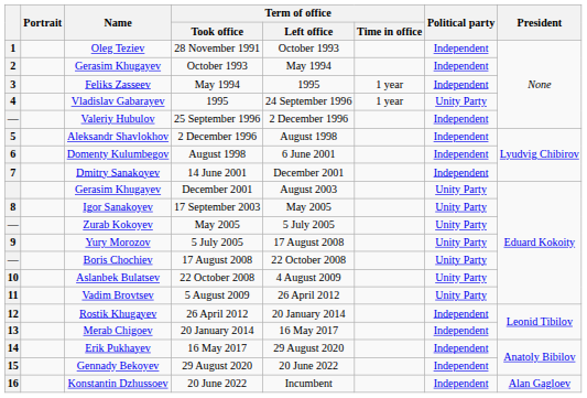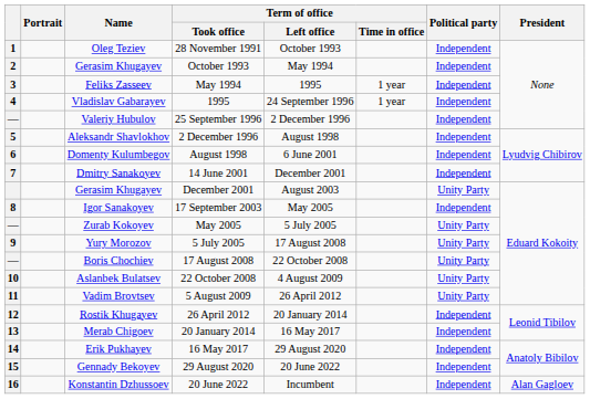 <table class="wikitable" style="text-align:center">
 <tr>
 <th rowspan=2></th>
 <th rowspan=2>Portrait</th>
 <th rowspan=2>Name<br></th>
 <th colspan=3>Term of office</th>
 <th rowspan=2>Political party</th>
 <th rowspan=2>President</th>
 </tr>
 <tr>
 <th>Took office</th>
 <th>Left office</th>
 <th>Time in office</th>
 </tr>
 <tr>
 <th style="background:">1</th>
 <td></td>
 <td><a href='#'>Oleg Teziev</a><br></td>
 <td>28 November 1991</td>
 <td>October 1993</td>
 <td></td>
 <td><a href='#'>Independent</a></td>
 <td rowspan=5><em>None</em></td>
 </tr>
 <tr>
 <th style="background:">2</th>
 <td></td>
 <td><a href='#'>Gerasim Khugayev</a><br></td>
 <td>October 1993</td>
 <td>May 1994</td>
 <td></td>
 <td><a href='#'>Independent</a></td>
 </tr>
 <tr>
 <th style="background:">3</th>
 <td></td>
 <td><a href='#'>Feliks Zasseev</a><br></td>
 <td>May 1994</td>
 <td>1995</td>
 <td> 1 year</td>
 <td><a href='#'>Independent</a></td>
 </tr>
 <tr>
 <th style="background:">4</th>
 <td></td>
 <td><a href='#'>Vladislav Gabarayev</a><br></td>
 <td>1995</td>
 <td>24 September 1996</td>
 <td> 1 year</td>
-<td><a href='#'>Unity Party</a></td>
+<td><a href='#'>Independent</a></td>
 </tr>
 <tr>
 <th style="background:">—</th>
 <td></td>
 <td><a href='#'>Valeriy Hubulov</a><br></td>
 <td>25 September 1996</td>
 <td>2 December 1996</td>
 <td></td>
 <td><a href='#'>Independent</a></td>
 </tr>
 <tr>
 <th style="background:">5</th>
 <td></td>
 <td><a href='#'>Aleksandr Shavlokhov</a><br></td>
 <td>2 December 1996</td>
 <td>August 1998</td>
 <td></td>
 <td><a href='#'>Independent</a></td>
 <td rowspan=3><a href='#'>Lyudvig Chibirov</a><br></td>
 </tr>
 <tr>
 <th style="background:">6</th>
 <td></td>
 <td><a href='#'>Domenty Kulumbegov</a><br></td>
 <td>August 1998</td>
 <td>6 June 2001</td>
 <td></td>
 <td><a href='#'>Independent</a></td>
 </tr>
 <tr>
 <th style="background:">7</th>
 <td></td>
 <td><a href='#'>Dmitry Sanakoyev</a><br></td>
 <td>14 June 2001</td>
 <td>December 2001</td>
 <td></td>
 <td><a href='#'>Independent</a></td>
 </tr>
 <tr>
 <th style="background:"></th>
 <td></td>
 <td><a href='#'>Gerasim Khugayev</a><br></td>
 <td>December 2001</td>
 <td>August 2003</td>
 <td></td>
 <td><a href='#'>Unity Party</a></td>
 <td rowspan=7><a href='#'>Eduard Kokoity</a><br></td>
 </tr>
 <tr>
 <th style="background:">8</th>
 <td></td>
 <td><a href='#'>Igor Sanakoyev</a><br></td>
 <td>17 September 2003</td>
 <td>May 2005</td>
 <td></td>
-<td><a href='#'>Unity Party</a></td>
+<td><a href='#'>Independent</a></td>
 </tr>
 <tr>
 <th style="background:">—</th>
 <td></td>
 <td><a href='#'>Zurab Kokoyev</a><br></td>
 <td>May 2005</td>
 <td>5 July 2005</td>
 <td></td>
 <td><a href='#'>Unity Party</a></td>
 </tr>
 <tr>
 <th style="background:">9</th>
 <td></td>
 <td><a href='#'>Yury Morozov</a><br></td>
 <td>5 July 2005</td>
 <td>17 August 2008</td>
 <td></td>
 <td><a href='#'>Unity Party</a></td>
 </tr>
 <tr>
 <th style="background:">—</th>
 <td></td>
 <td><a href='#'>Boris Chochiev</a><br></td>
 <td>17 August 2008</td>
 <td>22 October 2008</td>
 <td></td>
 <td><a href='#'>Unity Party</a></td>
 </tr>
 <tr>
 <th style="background:">10</th>
 <td></td>
 <td><a href='#'>Aslanbek Bulatsev</a><br></td>
 <td>22 October 2008</td>
 <td>4 August 2009</td>
 <td></td>
 <td><a href='#'>Unity Party</a></td>
 </tr>
 <tr>
 <th style="background:">11</th>
 <td></td>
 <td><a href='#'>Vadim Brovtsev</a><br></td>
 <td>5 August 2009</td>
 <td>26 April 2012</td>
 <td></td>
 <td><a href='#'>Unity Party</a></td>
 </tr>
 <tr>
 <th style="background:">12</th>
 <td></td>
 <td><a href='#'>Rostik Khugayev</a><br></td>
 <td>26 April 2012<br></td>
 <td>20 January 2014</td>
 <td></td>
 <td><a href='#'>Independent</a></td>
 <td rowspan=2><a href='#'>Leonid Tibilov</a><br></td>
 </tr>
 <tr>
 <th style="background:">13</th>
 <td></td>
 <td><a href='#'>Merab Chigoev</a><br></td>
 <td>20 January 2014</td>
 <td>16 May 2017</td>
 <td></td>
 <td><a href='#'>Independent</a></td>
 </tr>
 <tr>
 <th style="background:">14</th>
 <td></td>
 <td><a href='#'>Erik Pukhayev</a><br></td>
 <td>16 May 2017</td>
 <td>29 August 2020</td>
 <td></td>
 <td><a href='#'>Independent</a></td>
 <td rowspan=2><a href='#'>Anatoly Bibilov</a><br></td>
 </tr>
 <tr>
 <th style="background:">15</th>
 <td></td>
 <td><a href='#'>Gennady Bekoyev</a><br></td>
 <td>29 August 2020</td>
 <td>20 June 2022</td>
 <td></td>
 <td><a href='#'>Independent</a></td>
 </tr>
 <tr>
 <th style="background:">16</th>
 <td></td>
 <td><a href='#'>Konstantin Dzhussoev</a><br></td>
 <td>20 June 2022</td>
 <td>Incumbent</td>
 <td></td>
 <td><a href='#'>Independent</a></td>
 <td><a href='#'>Alan Gagloev</a><br></td>
 </tr>
 </table>
